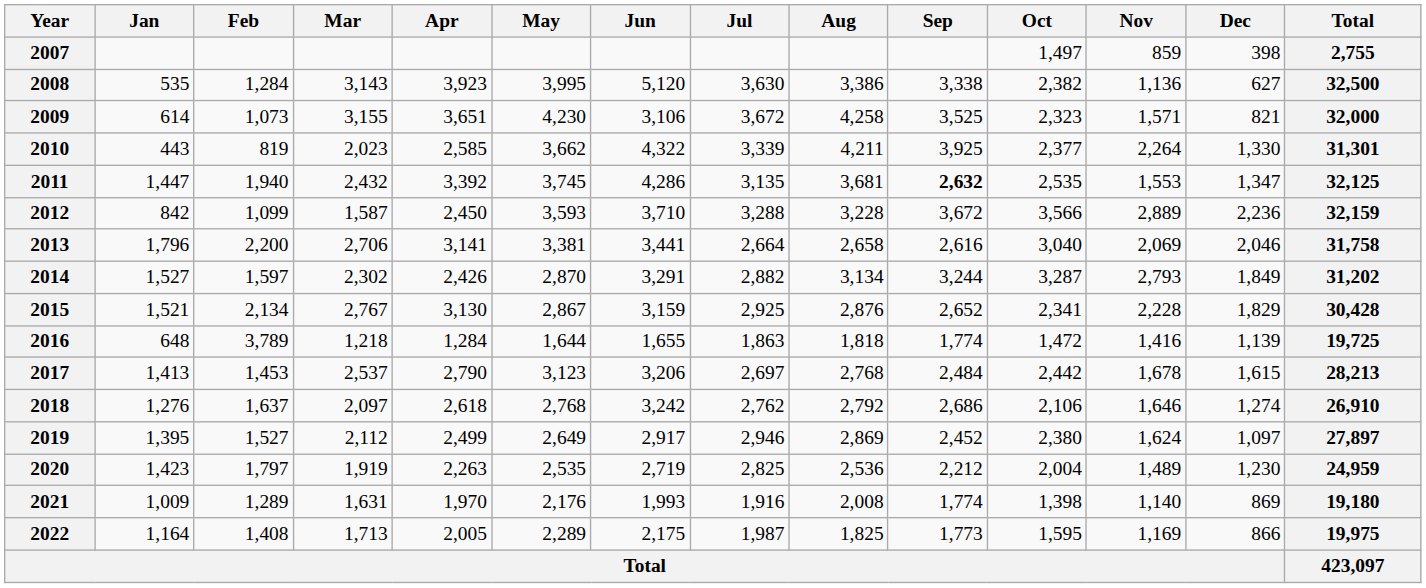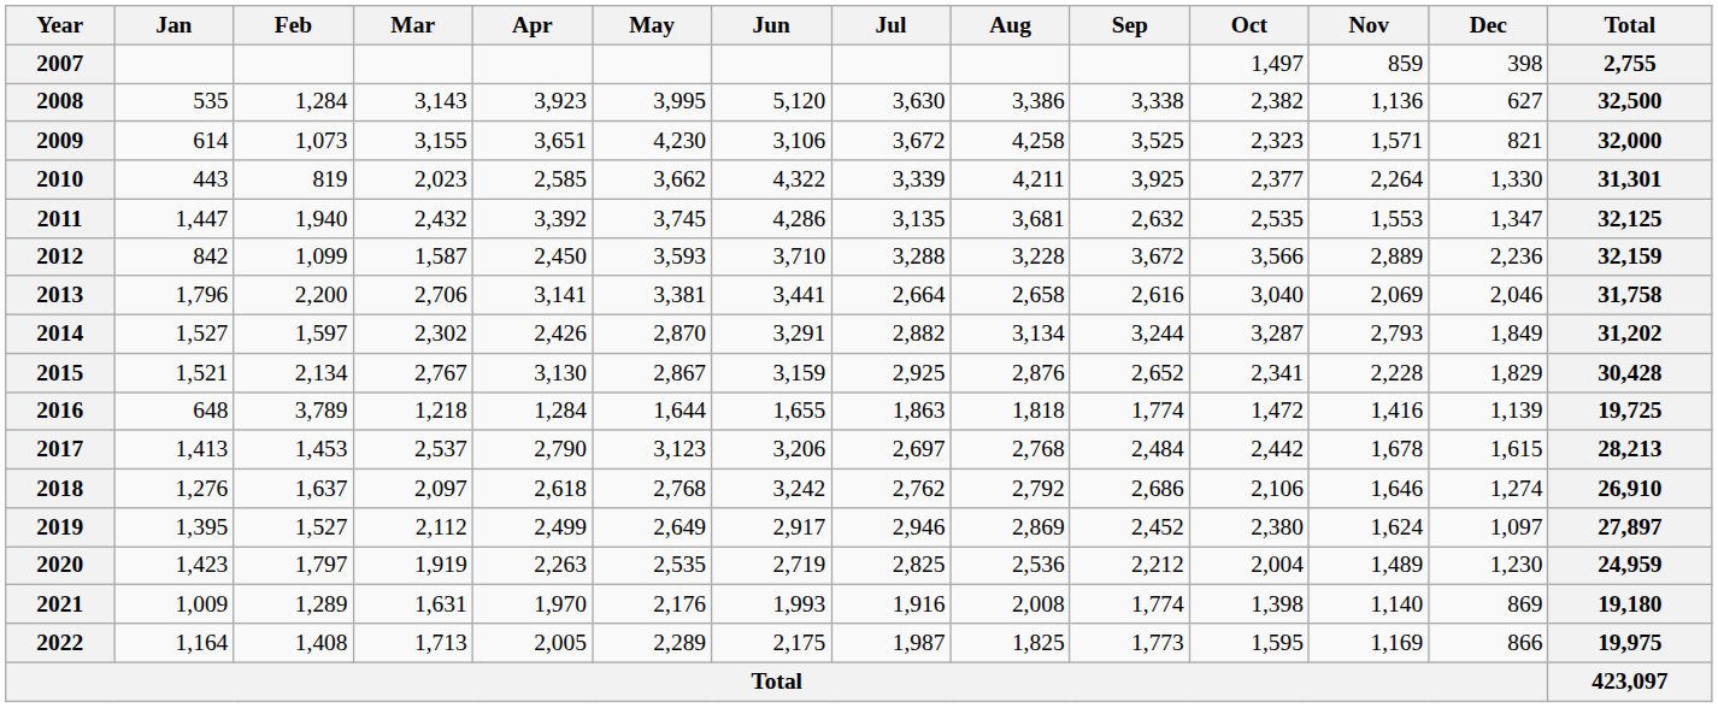 <table class=wikitable style="text-align:right; font-size:0.9em; width:1050px;">
 <tr>
 <th>Year</th>
 <th>Jan</th>
 <th>Feb</th>
 <th>Mar</th>
 <th>Apr</th>
 <th>May</th>
 <th>Jun</th>
 <th>Jul</th>
 <th>Aug</th>
 <th>Sep</th>
 <th>Oct</th>
 <th>Nov</th>
 <th>Dec</th>
 <th>Total</th>
 </tr>
 <tr>
 <th>2007</th>
 <td></td>
 <td></td>
 <td></td>
 <td></td>
 <td></td>
 <td></td>
 <td></td>
 <td></td>
 <td></td>
 <td>1,497</td>
 <td>859</td>
 <td>398</td>
 <th>2,755</th>
 </tr>
 <tr>
 <th>2008</th>
 <td>535</td>
 <td>1,284</td>
 <td>3,143</td>
 <td>3,923</td>
 <td>3,995</td>
 <td>5,120</td>
 <td>3,630</td>
 <td>3,386</td>
 <td>3,338</td>
 <td>2,382</td>
 <td>1,136</td>
 <td>627</td>
 <th>32,500</th>
 </tr>
 <tr>
 <th>2009</th>
 <td>614</td>
 <td>1,073</td>
 <td>3,155</td>
 <td>3,651</td>
 <td>4,230</td>
 <td>3,106</td>
 <td>3,672</td>
 <td>4,258</td>
 <td>3,525</td>
 <td>2,323</td>
 <td>1,571</td>
 <td>821</td>
 <th>32,000</th>
 </tr>
 <tr>
 <th>2010</th>
 <td>443</td>
 <td>819</td>
 <td>2,023</td>
 <td>2,585</td>
 <td>3,662</td>
 <td>4,322</td>
 <td>3,339</td>
 <td>4,211</td>
 <td>3,925</td>
 <td>2,377</td>
 <td>2,264</td>
 <td>1,330</td>
 <th>31,301</th>
 </tr>
 <tr>
 <th>2011</th>
 <td>1,447</td>
 <td>1,940</td>
 <td>2,432</td>
 <td>3,392</td>
 <td>3,745</td>
 <td>4,286</td>
 <td>3,135</td>
 <td>3,681</td>
-<td><strong>2,632</strong></td>
+<td>2,632</td>
 <td>2,535</td>
 <td>1,553</td>
 <td>1,347</td>
 <th>32,125</th>
 </tr>
 <tr>
 <th>2012</th>
 <td>842</td>
 <td>1,099</td>
 <td>1,587</td>
 <td>2,450</td>
 <td>3,593</td>
 <td>3,710</td>
 <td>3,288</td>
 <td>3,228</td>
 <td>3,672</td>
 <td>3,566</td>
 <td>2,889</td>
 <td>2,236</td>
 <th>32,159</th>
 </tr>
 <tr>
 <th>2013</th>
 <td>1,796</td>
 <td>2,200</td>
 <td>2,706</td>
 <td>3,141</td>
 <td>3,381</td>
 <td>3,441</td>
 <td>2,664</td>
 <td>2,658</td>
 <td>2,616</td>
 <td>3,040</td>
 <td>2,069</td>
 <td>2,046</td>
 <th>31,758</th>
 </tr>
 <tr>
 <th>2014</th>
 <td>1,527</td>
 <td>1,597</td>
 <td>2,302</td>
 <td>2,426</td>
 <td>2,870</td>
 <td>3,291</td>
 <td>2,882</td>
 <td>3,134</td>
 <td>3,244</td>
 <td>3,287</td>
 <td>2,793</td>
 <td>1,849</td>
 <th>31,202</th>
 </tr>
 <tr>
 <th>2015</th>
 <td>1,521</td>
 <td>2,134</td>
 <td>2,767</td>
 <td>3,130</td>
 <td>2,867</td>
 <td>3,159</td>
 <td>2,925</td>
 <td>2,876</td>
 <td>2,652</td>
 <td>2,341</td>
 <td>2,228</td>
 <td>1,829</td>
 <th>30,428</th>
 </tr>
 <tr>
 <th>2016</th>
 <td>648</td>
 <td>3,789</td>
 <td>1,218</td>
 <td>1,284</td>
 <td>1,644</td>
 <td>1,655</td>
 <td>1,863</td>
 <td>1,818</td>
 <td>1,774</td>
 <td>1,472</td>
 <td>1,416</td>
 <td>1,139</td>
 <th>19,725</th>
 </tr>
 <tr>
 <th>2017</th>
 <td>1,413</td>
 <td>1,453</td>
 <td>2,537</td>
 <td>2,790</td>
 <td>3,123</td>
 <td>3,206</td>
 <td>2,697</td>
 <td>2,768</td>
 <td>2,484</td>
 <td>2,442</td>
 <td>1,678</td>
 <td>1,615</td>
 <th>28,213</th>
 </tr>
 <tr>
 <th>2018</th>
 <td>1,276</td>
 <td>1,637</td>
 <td>2,097</td>
 <td>2,618</td>
 <td>2,768</td>
 <td>3,242</td>
 <td>2,762</td>
 <td>2,792</td>
 <td>2,686</td>
 <td>2,106</td>
 <td>1,646</td>
 <td>1,274</td>
 <th>26,910</th>
 </tr>
 <tr>
 <th>2019</th>
 <td>1,395</td>
 <td>1,527</td>
 <td>2,112</td>
 <td>2,499</td>
 <td>2,649</td>
 <td>2,917</td>
 <td>2,946</td>
 <td>2,869</td>
 <td>2,452</td>
 <td>2,380</td>
 <td>1,624</td>
 <td>1,097</td>
 <th>27,897</th>
 </tr>
 <tr>
 <th>2020</th>
 <td>1,423</td>
 <td>1,797</td>
 <td>1,919</td>
 <td>2,263</td>
 <td>2,535</td>
 <td>2,719</td>
 <td>2,825</td>
 <td>2,536</td>
 <td>2,212</td>
 <td>2,004</td>
 <td>1,489</td>
 <td>1,230</td>
 <th>24,959</th>
 </tr>
 <tr>
 <th>2021</th>
 <td>1,009</td>
 <td>1,289</td>
 <td>1,631</td>
 <td>1,970</td>
 <td>2,176</td>
 <td>1,993</td>
 <td>1,916</td>
 <td>2,008</td>
 <td>1,774</td>
 <td>1,398</td>
 <td>1,140</td>
 <td>869</td>
 <th>19,180</th>
 </tr>
 <tr>
 <th>2022</th>
 <td>1,164</td>
 <td>1,408</td>
 <td>1,713</td>
 <td>2,005</td>
 <td>2,289</td>
 <td>2,175</td>
 <td>1,987</td>
 <td>1,825</td>
 <td>1,773</td>
 <td>1,595</td>
 <td>1,169</td>
 <td>866</td>
 <th>19,975</th>
 </tr>
 <tr>
 <th colspan="13">Total</th>
 <th>423,097</th>
 </tr>
 </table>
